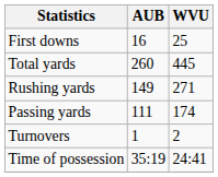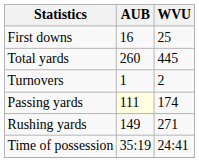 <table class="wikitable">
 <tr>
 <th>Statistics</th>
 <th>AUB</th>
 <th>WVU</th>
 </tr>
 <tr>
 <td>First downs</td>
 <td>16</td>
 <td>25</td>
 </tr>
 <tr>
 <td>Total yards</td>
 <td>260</td>
 <td>445</td>
 </tr>
 <tr>
+<td>Turnovers</td>
+<td>1</td>
+<td>2</td>
+</tr>
+<tr>
+<td>Passing yards</td>
+<td style="background: lightyellow;">111</td>
+<td>174</td>
+</tr>
+<tr>
 <td>Rushing yards</td>
 <td>149</td>
 <td>271</td>
-</tr>
-<tr>
-<td>Passing yards</td>
-<td>111</td>
-<td>174</td>
-</tr>
-<tr>
-<td>Turnovers</td>
-<td>1</td>
-<td>2</td>
 </tr>
 <tr>
 <td>Time of possession</td>
 <td>35:19</td>
 <td>24:41</td>
 </tr>
 <tr>
 </tr>
 </table>
